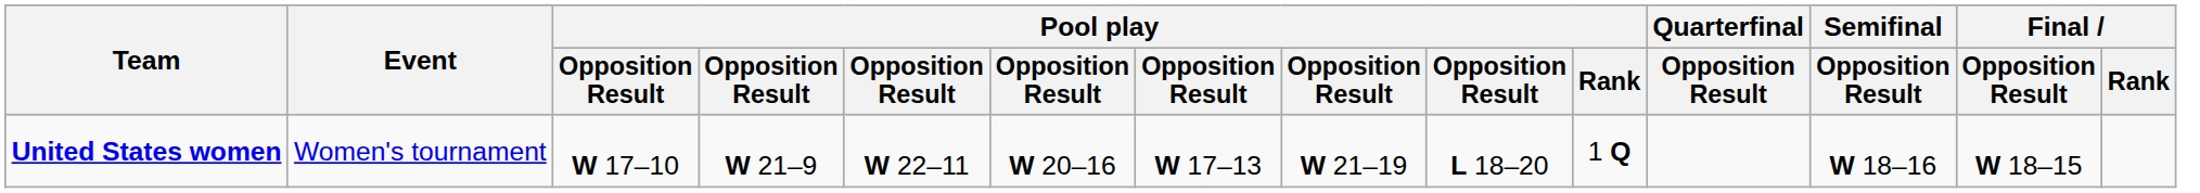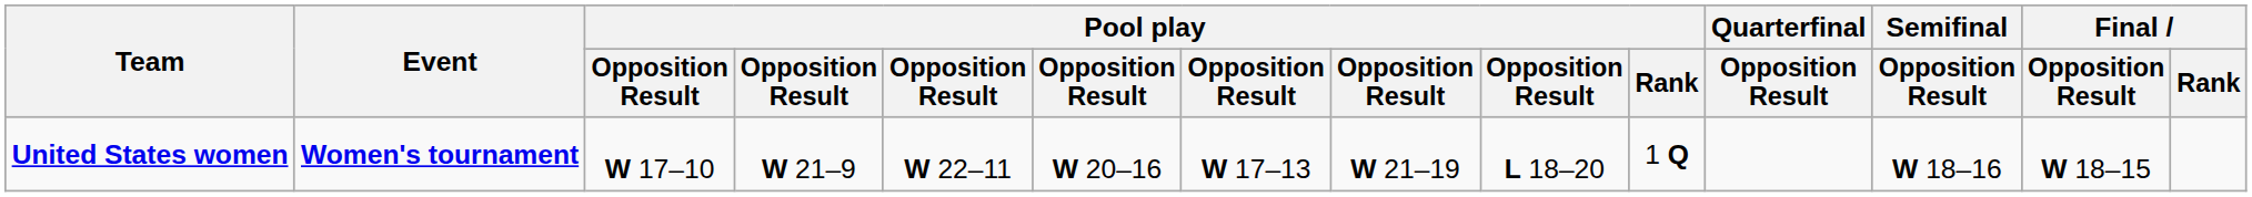 <table class=wikitable style=font-size:90%>
 <tr>
 <th rowspan=2>Team</th>
 <th rowspan=2>Event</th>
 <th colspan=8>Pool play</th>
 <th>Quarterfinal</th>
 <th>Semifinal</th>
 <th colspan=2>Final / </th>
 </tr>
 <tr style=font-size:95%>
 <th>Opposition<br>Result</th>
 <th>Opposition<br>Result</th>
 <th>Opposition<br>Result</th>
 <th>Opposition<br>Result</th>
 <th>Opposition<br>Result</th>
 <th>Opposition<br>Result</th>
 <th>Opposition<br>Result</th>
 <th>Rank</th>
 <th>Opposition<br>Result</th>
 <th>Opposition<br>Result</th>
 <th>Opposition<br>Result</th>
 <th>Rank</th>
 </tr>
 <tr align=center>
 <td align=left><strong><a href='#'>United States women</a></strong></td>
-<td align=left><a href='#'>Women's tournament</a></td>
+<td align=left><strong><a href='#'>Women's tournament</a></strong></td>
 <td><br><strong>W</strong> 17–10</td>
 <td><br><strong>W</strong> 21–9</td>
 <td><br><strong>W</strong> 22–11</td>
 <td><br><strong>W</strong> 20–16</td>
 <td><br><strong>W</strong> 17–13</td>
 <td><br><strong>W</strong> 21–19</td>
 <td><br><strong>L</strong> 18–20</td>
 <td>1 <strong>Q</strong></td>
 <td></td>
 <td><br><strong>W</strong> 18–16</td>
 <td><br><strong>W</strong> 18–15</td>
 <td></td>
 </tr>
 </table>
